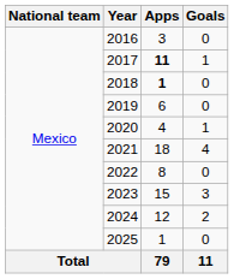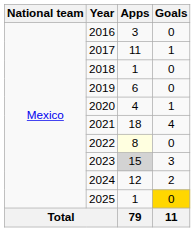 <table class="wikitable" style="text-align:center">
 <tr>
 <th>National team</th>
 <th>Year</th>
 <th>Apps</th>
 <th>Goals</th>
 </tr>
 <tr>
 <td rowspan="10"><a href='#'>Mexico</a></td>
 <td>2016</td>
 <td>3</td>
 <td>0</td>
 </tr>
 <tr>
 <td>2017</td>
-<td><strong>11</strong></td>
+<td>11</td>
 <td>1</td>
 </tr>
 <tr>
 <td>2018</td>
-<td><strong>1</strong></td>
+<td>1</td>
 <td>0</td>
 </tr>
 <tr>
 <td>2019</td>
 <td>6</td>
 <td>0</td>
 </tr>
 <tr>
 <td>2020</td>
 <td>4</td>
 <td>1</td>
 </tr>
 <tr>
 <td>2021</td>
 <td>18</td>
 <td>4</td>
 </tr>
 <tr>
 <td>2022</td>
-<td>8</td>
+<td style="background: lightyellow;">8</td>
 <td>0</td>
 </tr>
 <tr>
 <td>2023</td>
-<td>15</td>
+<td style="background: lightgrey;">15</td>
 <td>3</td>
 </tr>
 <tr>
 <td>2024</td>
 <td>12</td>
 <td>2</td>
 </tr>
 <tr>
 <td>2025</td>
 <td>1</td>
-<td>0</td>
+<td style="background: gold;">0</td>
 </tr>
 <tr>
 <th colspan="2">Total</th>
 <th>79</th>
 <th>11</th>
 </tr>
 </table>
